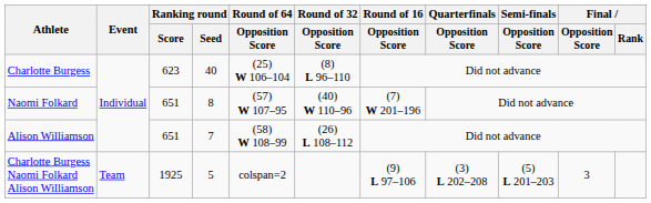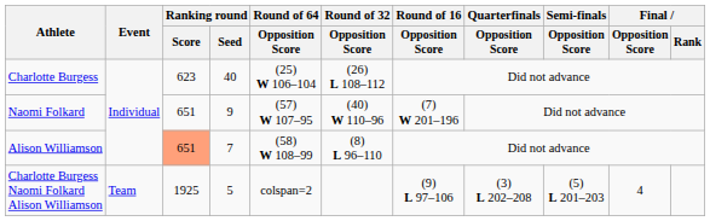 <table class="wikitable" style="font-size:90%">
 <tr>
 <th rowspan="2">Athlete</th>
 <th rowspan="2">Event</th>
 <th colspan="2">Ranking round</th>
 <th>Round of 64</th>
 <th>Round of 32</th>
 <th>Round of 16</th>
 <th>Quarterfinals</th>
 <th>Semi-finals</th>
 <th colspan="2">Final / </th>
 </tr>
 <tr style="font-size:95%">
 <th>Score</th>
 <th>Seed</th>
 <th>Opposition<br>Score</th>
 <th>Opposition<br>Score</th>
 <th>Opposition<br>Score</th>
 <th>Opposition<br>Score</th>
 <th>Opposition<br>Score</th>
 <th>Opposition<br>Score</th>
 <th>Rank</th>
 </tr>
 <tr align=center>
 <td align=left><a href='#'>Charlotte Burgess</a></td>
 <td align=left rowspan=3><a href='#'>Individual</a></td>
 <td>623</td>
 <td>40</td>
 <td> (25)<br><strong>W</strong> 106–104</td>
-<td> (8)<br><strong>L</strong> 96–110</td>
+<td> (26)<br><strong>L</strong> 108–112</td>
 <td colspan=5>Did not advance</td>
 </tr>
 <tr align=center>
 <td align=left><a href='#'>Naomi Folkard</a></td>
 <td>651</td>
-<td>8</td>
+<td>9</td>
 <td> (57)<br><strong>W</strong> 107–95</td>
 <td> (40)<br><strong>W</strong> 110–96</td>
 <td> (7)<br><strong>W</strong> 201–196</td>
 <td colspan=4>Did not advance</td>
 </tr>
 <tr align=center>
 <td align=left><a href='#'>Alison Williamson</a></td>
-<td>651</td>
+<td style="background: lightsalmon;">651</td>
 <td>7</td>
 <td> (58)<br><strong>W</strong> 108–99</td>
-<td> (26)<br><strong>L</strong> 108–112</td>
+<td> (8)<br><strong>L</strong> 96–110</td>
 <td colspan=5>Did not advance</td>
 </tr>
 <tr align=center>
 <td align=left><a href='#'>Charlotte Burgess</a><br><a href='#'>Naomi Folkard</a><br><a href='#'>Alison Williamson</a></td>
 <td align=left><a href='#'>Team</a></td>
 <td>1925</td>
 <td>5</td>
 <td>colspan=2 </td>
 <td></td>
 <td> (9)<br><strong>L</strong> 97–106</td>
 <td> (3)<br><strong>L</strong> 202–208</td>
 <td> (5)<br><strong>L</strong> 201–203</td>
-<td>3</td>
+<td>4</td>
 </tr>
 </table>
